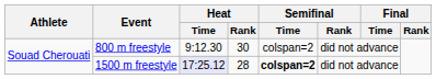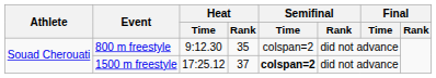 <table class="wikitable" style="text-align:center; font-size:90%">
 <tr>
 <th rowspan="2">Athlete</th>
 <th rowspan="2">Event</th>
 <th colspan="2">Heat</th>
 <th colspan="2">Semifinal</th>
 <th colspan="2">Final</th>
 </tr>
 <tr style="font-size:95%">
 <th>Time</th>
 <th>Rank</th>
 <th>Time</th>
 <th>Rank</th>
 <th>Time</th>
 <th>Rank</th>
 </tr>
 <tr>
 <td align=left rowspan=2><a href='#'>Souad Cherouati</a></td>
 <td align=left><a href='#'>800 m freestyle</a></td>
 <td>9:12.30</td>
-<td>30</td>
+<td>35</td>
 <td>colspan=2</td>
 <td colspan=2>did not advance</td>
 </tr>
 <tr>
 <td align=left><a href='#'>1500 m freestyle</a></td>
-<td style="background: lavender;">17:25.12</td>
-<td>28</td>
+<td>17:25.12</td>
+<td>37</td>
 <td><strong>colspan=2</strong></td>
 <td colspan=2>did not advance</td>
 </tr>
 </table>
